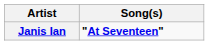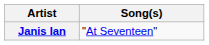 <table class="wikitable plainrowheaders">
 <tr>
 <th scope="col" style="width:100px;">Artist</th>
 <th scope="col" style="width:170px;">Song(s)</th>
 </tr>
 <tr>
 <th scope="row"><a href='#'>Janis Ian</a></th>
-<td><strong>"<a href='#'>At Seventeen</a>"</strong></td>
+<td>"<a href='#'>At Seventeen</a>"</td>
 </tr>
 </table>
